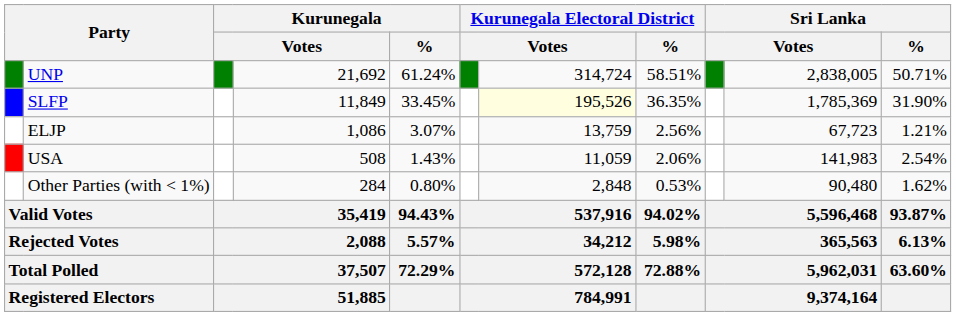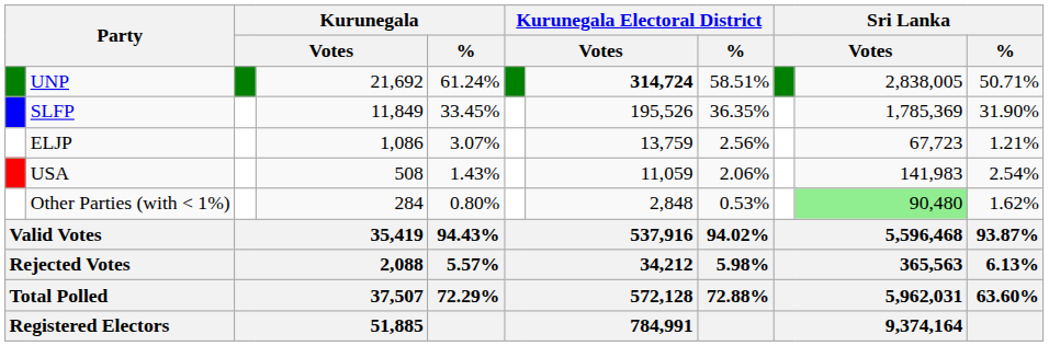 <table class="wikitable">
 <tr>
 <th colspan="2" width="144px"rowspan="2">Party</th>
 <th colspan="3" width="216px">Kurunegala</th>
 <th colspan="3" width="216px"><a href='#'>Kurunegala Electoral District</a></th>
 <th colspan="3" width="216px">Sri Lanka</th>
 </tr>
 <tr>
 <th colspan="2" width="144px">Votes</th>
 <th>%</th>
 <th colspan="2" width="144px">Votes</th>
 <th>%</th>
 <th colspan="2" width="144px">Votes</th>
 <th>%</th>
 </tr>
 <tr>
 <td style="background-color:green;" width="10px"></td>
 <td style="text-align:left;"><a href='#'>UNP</a></td>
 <td style="background-color:green;" width="10px"></td>
 <td style="text-align:right;">21,692</td>
 <td style="text-align:right;">61.24%</td>
 <td style="background-color:green;" width="10px"></td>
-<td style="text-align:right;">314,724</td>
+<td style="text-align:right;"><strong>314,724</strong></td>
 <td style="text-align:right;">58.51%</td>
 <td style="background-color:green;" width="10px"></td>
 <td style="text-align:right;">2,838,005</td>
 <td style="text-align:right;">50.71%</td>
 </tr>
 <tr>
 <td style="background-color:blue;" width="10px"></td>
 <td style="text-align:left;"><a href='#'>SLFP</a></td>
 <td style="background-color:white;" width="10px"></td>
 <td style="text-align:right;">11,849</td>
 <td style="text-align:right;">33.45%</td>
 <td style="background-color:white;" width="10px"></td>
-<td style="background: lightyellow; text-align:right;">195,526</td>
+<td style="text-align:right;">195,526</td>
 <td style="text-align:right;">36.35%</td>
 <td style="background-color:white;" width="10px"></td>
 <td style="text-align:right;">1,785,369</td>
 <td style="text-align:right;">31.90%</td>
 </tr>
 <tr>
 <td style="background-color:white;" width="10px"></td>
 <td style="text-align:left;">ELJP</td>
 <td style="background-color:white;" width="10px"></td>
 <td style="text-align:right;">1,086</td>
 <td style="text-align:right;">3.07%</td>
 <td style="background-color:white;" width="10px"></td>
 <td style="text-align:right;">13,759</td>
 <td style="text-align:right;">2.56%</td>
 <td style="background-color:white;" width="10px"></td>
 <td style="text-align:right;">67,723</td>
 <td style="text-align:right;">1.21%</td>
 </tr>
 <tr>
 <td style="background-color:red;" width="10px"></td>
 <td style="text-align:left;">USA</td>
 <td style="background-color:white;" width="10px"></td>
 <td style="text-align:right;">508</td>
 <td style="text-align:right;">1.43%</td>
 <td style="background-color:white;" width="10px"></td>
 <td style="text-align:right;">11,059</td>
 <td style="text-align:right;">2.06%</td>
 <td style="background-color:white;" width="10px"></td>
 <td style="text-align:right;">141,983</td>
 <td style="text-align:right;">2.54%</td>
 </tr>
 <tr>
 <td style="background-color:white;" width="10px"></td>
 <td style="text-align:left;">Other Parties (with < 1%)</td>
 <td style="background-color:white;" width="10px"></td>
 <td style="text-align:right;">284</td>
 <td style="text-align:right;">0.80%</td>
 <td style="background-color:white;" width="10px"></td>
 <td style="text-align:right;">2,848</td>
 <td style="text-align:right;">0.53%</td>
 <td style="background-color:white;" width="10px"></td>
-<td style="text-align:right;">90,480</td>
+<td style="background: lightgreen; text-align:right;">90,480</td>
 <td style="text-align:right;">1.62%</td>
 </tr>
 <tr>
 <th colspan="2" width="144px"style="text-align:left;">Valid Votes</th>
 <th style="text-align:right;"colspan="2" width="144px">35,419</th>
 <th style="text-align:right;">94.43%</th>
 <th style="text-align:right;"colspan="2" width="144px">537,916</th>
 <th style="text-align:right;">94.02%</th>
 <th style="text-align:right;"colspan="2" width="144px">5,596,468</th>
 <th style="text-align:right;">93.87%</th>
 </tr>
 <tr>
 <th colspan="2" width="144px"style="text-align:left;">Rejected Votes</th>
 <th style="text-align:right;"colspan="2" width="144px">2,088</th>
 <th style="text-align:right;">5.57%</th>
 <th style="text-align:right;"colspan="2" width="144px">34,212</th>
 <th style="text-align:right;">5.98%</th>
 <th style="text-align:right;"colspan="2" width="144px">365,563</th>
 <th style="text-align:right;">6.13%</th>
 </tr>
 <tr>
 <th colspan="2" width="144px"style="text-align:left;">Total Polled</th>
 <th style="text-align:right;"colspan="2" width="144px">37,507</th>
 <th style="text-align:right;">72.29%</th>
 <th style="text-align:right;"colspan="2" width="144px">572,128</th>
 <th style="text-align:right;">72.88%</th>
 <th style="text-align:right;"colspan="2" width="144px">5,962,031</th>
 <th style="text-align:right;">63.60%</th>
 </tr>
 <tr>
 <th colspan="2" width="144px"style="text-align:left;">Registered Electors</th>
 <th style="text-align:right;"colspan="2" width="144px">51,885</th>
 <th></th>
 <th style="text-align:right;"colspan="2" width="144px">784,991</th>
 <th></th>
 <th style="text-align:right;"colspan="2" width="144px">9,374,164</th>
 <th></th>
 </tr>
 </table>
